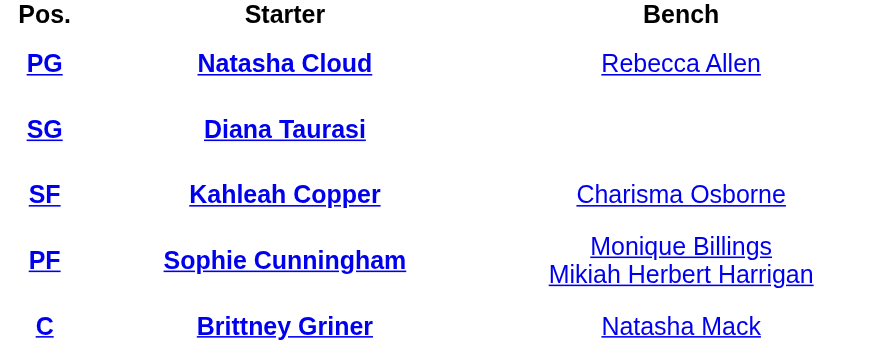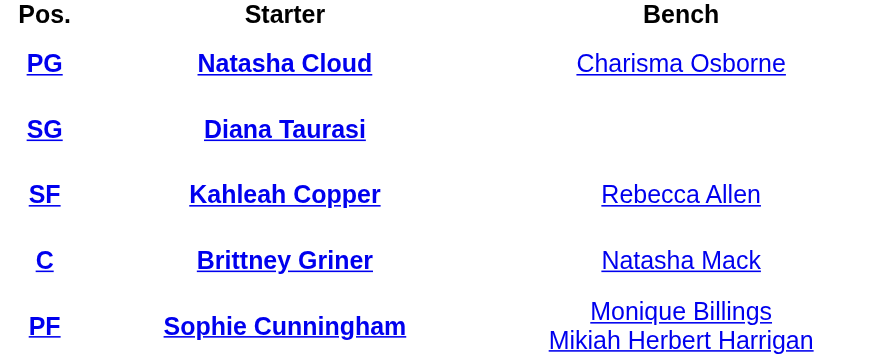 <table style="text-align:center; ">
 <tr>
 <th width="50">Pos.</th>
 <th width="250">Starter</th>
 <th width="250">Bench</th>
 </tr>
 <tr style="height:40px; background:white; color:#092C57">
 <th><a href='#'><span>PG</span></a></th>
 <td><strong><a href='#'>Natasha Cloud</a></strong></td>
-<td><a href='#'>Rebecca Allen</a> </td>
+<td><a href='#'>Charisma Osborne</a> </td>
 </tr>
 <tr style="height:40px; background:white; color:#092C57">
 <th><a href='#'><span>SG</span></a></th>
 <td><strong><a href='#'>Diana Taurasi</a></strong></td>
 <td></td>
 </tr>
 <tr style="height:40px; background:white; color:#092C57">
 <th><a href='#'><span>SF</span></a></th>
 <td><strong><a href='#'>Kahleah Copper</a></strong></td>
-<td><a href='#'>Charisma Osborne</a> </td>
+<td><a href='#'>Rebecca Allen</a> </td>
+</tr>
+<tr style="height:40px; background:white; color:#092C57">
+<th><a href='#'><span>C</span></a></th>
+<td><strong><a href='#'>Brittney Griner</a></strong></td>
+<td><a href='#'>Natasha Mack</a></td>
 </tr>
 <tr style="height:40px; background:white; color:#092C57">
 <th><a href='#'><span>PF</span></a></th>
 <td><strong><a href='#'>Sophie Cunningham</a></strong></td>
 <td><a href='#'>Monique Billings</a><br><a href='#'>Mikiah Herbert Harrigan</a></td>
 </tr>
-<tr style="height:40px; background:white; color:#092C57">
-<th><a href='#'><span>C</span></a></th>
-<td><strong><a href='#'>Brittney Griner</a></strong></td>
-<td><a href='#'>Natasha Mack</a></td>
-</tr>
 </table>
